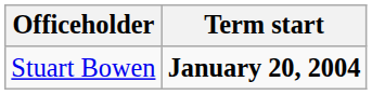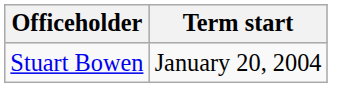 <table class="wikitable sortable">
 <tr style="vertical-align:bottom;">
 <th>Officeholder</th>
 <th>Term start</th>
 </tr>
 <tr>
 <td><a href='#'>Stuart Bowen</a></td>
-<td><strong>January 20, 2004</strong></td>
+<td>January 20, 2004</td>
 </tr>
 </table>
